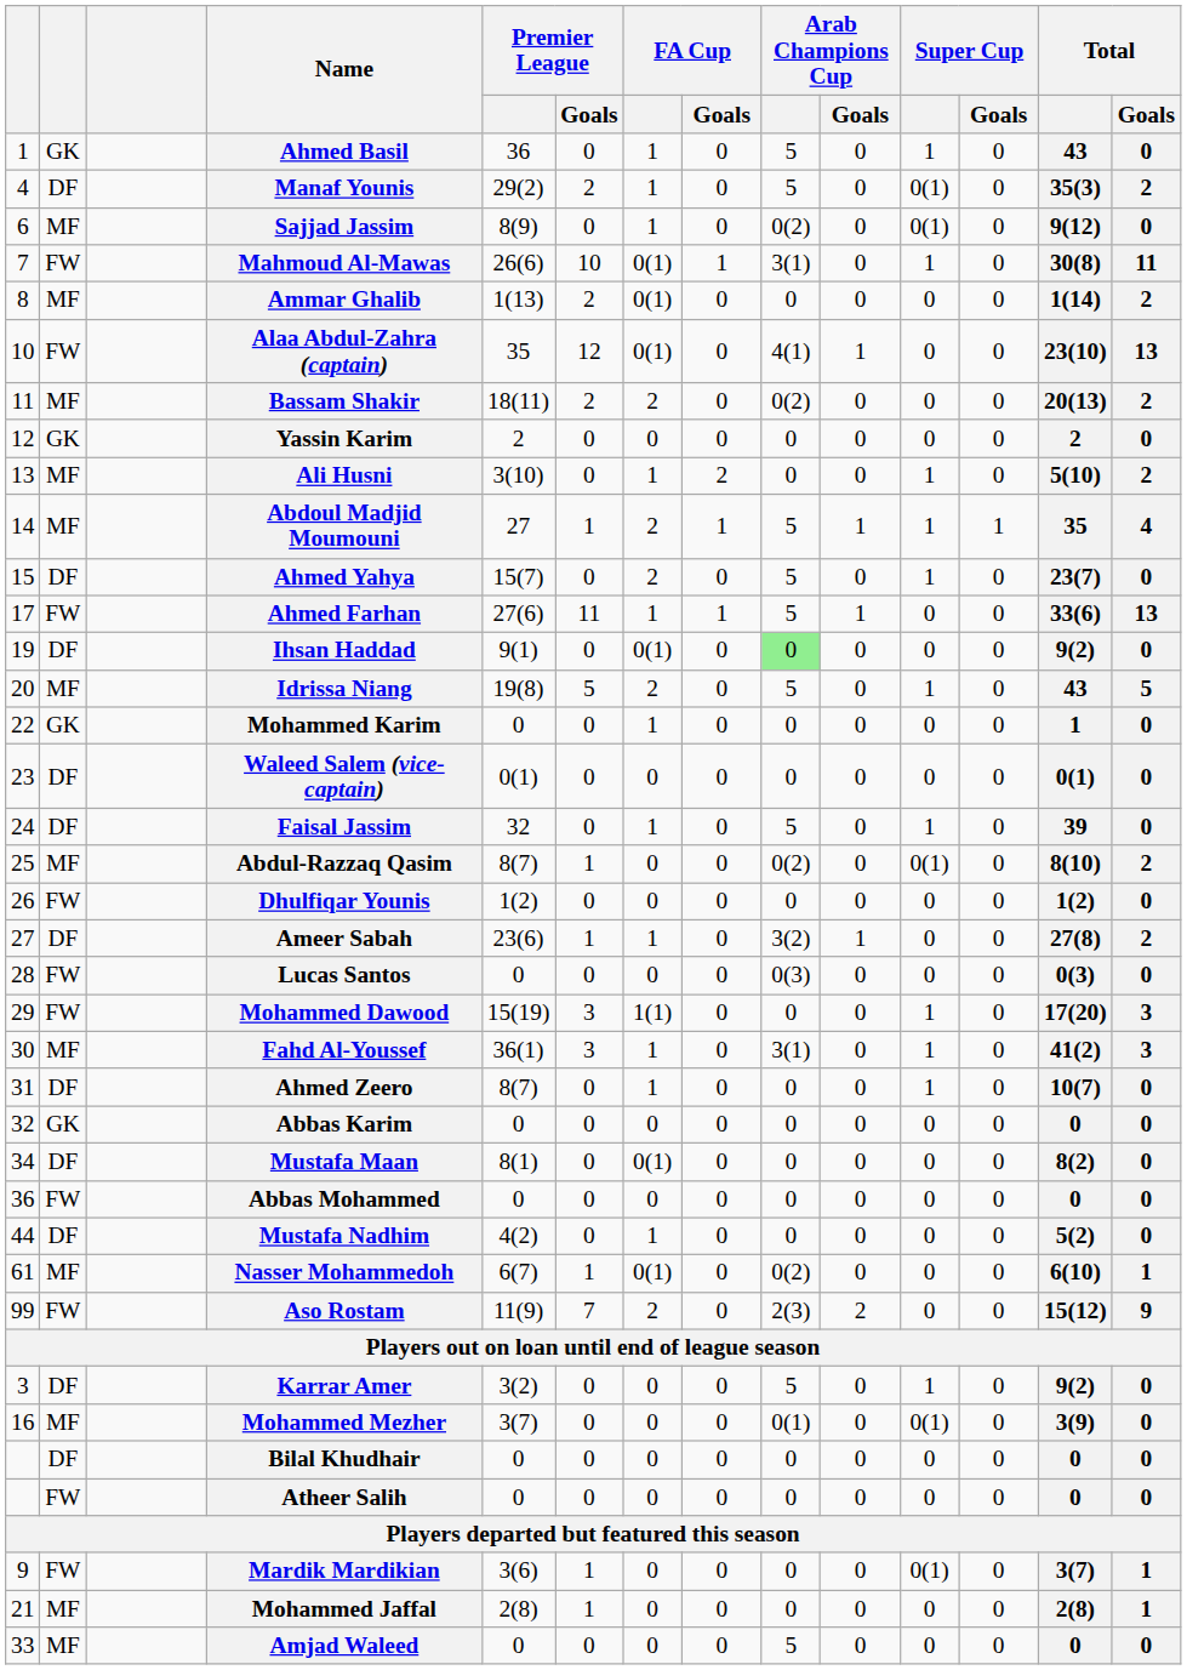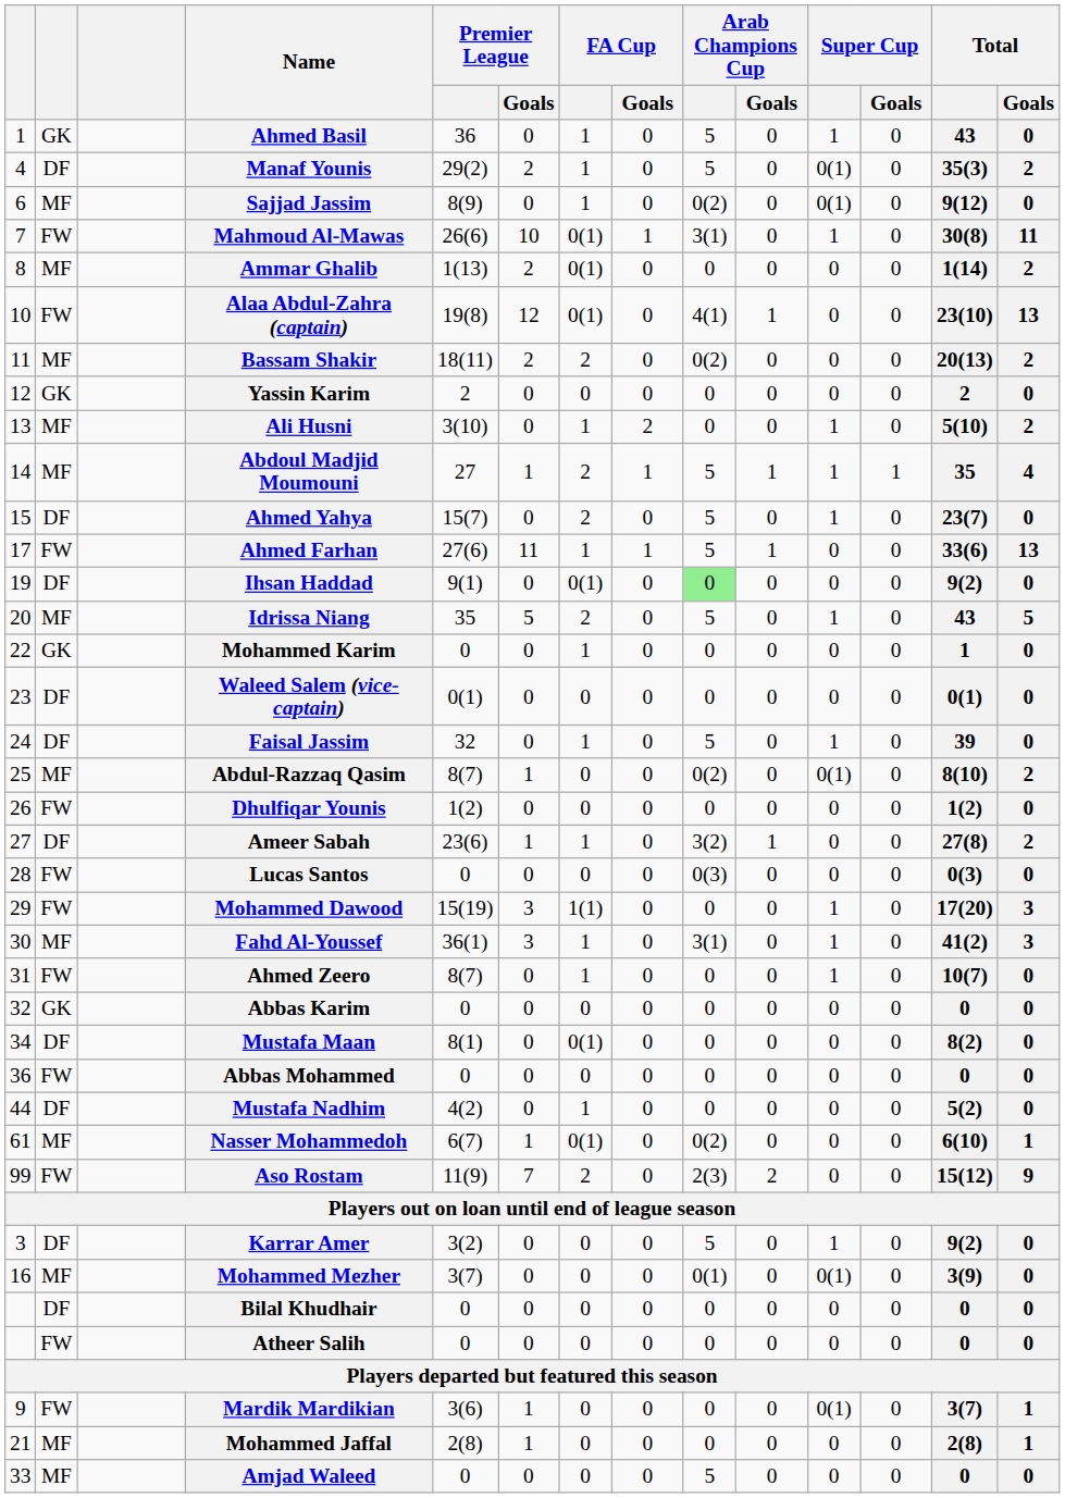 <table class="wikitable sortable plainrowheaders" style="text-align:center">
 <tr>
 <th rowspan="2"></th>
 <th rowspan="2"></th>
 <th rowspan="2" style="width:75px;"></th>
 <th rowspan="2" style="width:180px;">Name</th>
 <th colspan="2" style="width:87px;"><a href='#'>Premier League</a></th>
 <th colspan="2" style="width:87px;"><a href='#'>FA Cup</a></th>
 <th colspan="2" style="width:87px;"><a href='#'>Arab Champions Cup</a></th>
 <th colspan="2" style="width:87px;"><a href='#'>Super Cup</a></th>
 <th colspan="2" style="width:87px;">Total</th>
 </tr>
 <tr>
 <th></th>
 <th>Goals</th>
 <th></th>
 <th>Goals</th>
 <th></th>
 <th>Goals</th>
 <th></th>
 <th>Goals</th>
 <th></th>
 <th>Goals</th>
 </tr>
 <tr>
 <td>1</td>
 <td>GK</td>
 <td></td>
 <th scope="row"><a href='#'>Ahmed Basil</a><br></th>
 <td>36</td>
 <td>0<br></td>
 <td>1</td>
 <td>0<br></td>
 <td>5</td>
 <td>0<br></td>
 <td>1</td>
 <td>0<br></td>
 <th>43</th>
 <th>0</th>
 </tr>
 <tr>
 <td>4</td>
 <td>DF</td>
 <td></td>
 <th scope="row"><a href='#'>Manaf Younis</a><br></th>
 <td>29(2)</td>
 <td>2<br></td>
 <td>1</td>
 <td>0<br></td>
 <td>5</td>
 <td>0<br></td>
 <td>0(1)</td>
 <td>0<br></td>
 <th>35(3)</th>
 <th>2</th>
 </tr>
 <tr>
 <td>6</td>
 <td>MF</td>
 <td></td>
 <th scope="row"><a href='#'>Sajjad Jassim</a><br></th>
 <td>8(9)</td>
 <td>0<br></td>
 <td>1</td>
 <td>0<br></td>
 <td>0(2)</td>
 <td>0<br></td>
 <td>0(1)</td>
 <td>0<br></td>
 <th>9(12)</th>
 <th>0</th>
 </tr>
 <tr>
 <td>7</td>
 <td>FW</td>
 <td></td>
 <th scope="row"><a href='#'>Mahmoud Al-Mawas</a><br></th>
 <td>26(6)</td>
 <td>10<br></td>
 <td>0(1)</td>
 <td>1<br></td>
 <td>3(1)</td>
 <td>0<br></td>
 <td>1</td>
 <td>0<br></td>
 <th>30(8)</th>
 <th>11</th>
 </tr>
 <tr>
 <td>8</td>
 <td>MF</td>
 <td></td>
 <th scope="row"><a href='#'>Ammar Ghalib</a><br></th>
 <td>1(13)</td>
 <td>2<br></td>
 <td>0(1)</td>
 <td>0<br></td>
 <td>0</td>
 <td>0<br></td>
 <td>0</td>
 <td>0<br></td>
 <th>1(14)</th>
 <th>2</th>
 </tr>
 <tr>
 <td>10</td>
 <td>FW</td>
 <td></td>
 <th scope="row"><a href='#'>Alaa Abdul-Zahra</a> <em>(<a href='#'>captain</a>)</em><br></th>
-<td>35</td>
+<td>19(8)</td>
 <td>12<br></td>
 <td>0(1)</td>
 <td>0<br></td>
 <td>4(1)</td>
 <td>1<br></td>
 <td>0</td>
 <td>0<br></td>
 <th>23(10)</th>
 <th>13</th>
 </tr>
 <tr>
 <td>11</td>
 <td>MF</td>
 <td></td>
 <th scope="row"><a href='#'>Bassam Shakir</a><br></th>
 <td>18(11)</td>
 <td>2<br></td>
 <td>2</td>
 <td>0<br></td>
 <td>0(2)</td>
 <td>0<br></td>
 <td>0</td>
 <td>0<br></td>
 <th>20(13)</th>
 <th>2<br>     </th>
 </tr>
 <tr>
 <td>12</td>
 <td>GK</td>
 <td></td>
 <th scope="row">Yassin Karim<br></th>
 <td>2</td>
 <td>0<br></td>
 <td>0</td>
 <td>0<br></td>
 <td>0</td>
 <td>0<br></td>
 <td>0</td>
 <td>0<br></td>
 <th>2</th>
 <th>0</th>
 </tr>
 <tr>
 <td>13</td>
 <td>MF</td>
 <td></td>
 <th scope="row"><a href='#'>Ali Husni</a><br></th>
 <td>3(10)</td>
 <td>0<br></td>
 <td>1</td>
 <td>2<br></td>
 <td>0</td>
 <td>0<br></td>
 <td>1</td>
 <td>0<br></td>
 <th>5(10)</th>
 <th>2</th>
 </tr>
 <tr>
 <td>14</td>
 <td>MF</td>
 <td></td>
 <th scope="row"><a href='#'>Abdoul Madjid Moumouni</a><br></th>
 <td>27</td>
 <td>1<br></td>
 <td>2</td>
 <td>1<br></td>
 <td>5</td>
 <td>1<br></td>
 <td>1</td>
 <td>1<br></td>
 <th>35</th>
 <th>4</th>
 </tr>
 <tr>
 <td>15</td>
 <td>DF</td>
 <td></td>
 <th scope="row"><a href='#'>Ahmed Yahya</a><br></th>
 <td>15(7)</td>
 <td>0<br></td>
 <td>2</td>
 <td>0<br></td>
 <td>5</td>
 <td>0<br></td>
 <td>1</td>
 <td>0<br></td>
 <th>23(7)</th>
 <th>0</th>
 </tr>
 <tr>
 <td>17</td>
 <td>FW</td>
 <td></td>
 <th scope="row"><a href='#'>Ahmed Farhan</a><br></th>
 <td>27(6)</td>
 <td>11<br></td>
 <td>1</td>
 <td>1<br></td>
 <td>5</td>
 <td>1<br></td>
 <td>0</td>
 <td>0<br></td>
 <th>33(6)</th>
 <th>13</th>
 </tr>
 <tr>
 <td>19</td>
 <td>DF</td>
 <td></td>
 <th scope="row"><a href='#'>Ihsan Haddad</a><br></th>
 <td>9(1)</td>
 <td>0<br></td>
 <td>0(1)</td>
 <td>0<br></td>
 <td style="background: lightgreen;">0</td>
 <td>0<br></td>
 <td>0</td>
 <td>0<br></td>
 <th>9(2)</th>
 <th>0</th>
 </tr>
 <tr>
 <td>20</td>
 <td>MF</td>
 <td></td>
 <th scope="row"><a href='#'>Idrissa Niang</a><br></th>
-<td>19(8)</td>
+<td>35</td>
 <td>5<br></td>
 <td>2</td>
 <td>0<br></td>
 <td>5</td>
 <td>0<br></td>
 <td>1</td>
 <td>0<br></td>
 <th>43</th>
 <th>5</th>
 </tr>
 <tr>
 <td>22</td>
 <td>GK</td>
 <td></td>
 <th scope="row">Mohammed Karim<br></th>
 <td>0</td>
 <td>0<br></td>
 <td>1</td>
 <td>0<br></td>
 <td>0</td>
 <td>0<br></td>
 <td>0</td>
 <td>0<br></td>
 <th>1</th>
 <th>0</th>
 </tr>
 <tr>
 <td>23</td>
 <td>DF</td>
 <td></td>
 <th scope="row"><a href='#'>Waleed Salem</a> <em>(<a href='#'>vice-captain</a>)</em><br></th>
 <td>0(1)</td>
 <td>0<br></td>
 <td>0</td>
 <td>0<br></td>
 <td>0</td>
 <td>0<br></td>
 <td>0</td>
 <td>0<br></td>
 <th>0(1)</th>
 <th>0</th>
 </tr>
 <tr>
 <td>24</td>
 <td>DF</td>
 <td></td>
 <th scope="row"><a href='#'>Faisal Jassim</a><br></th>
 <td>32</td>
 <td>0<br></td>
 <td>1</td>
 <td>0<br></td>
 <td>5</td>
 <td>0<br></td>
 <td>1</td>
 <td>0<br></td>
 <th>39</th>
 <th>0</th>
 </tr>
 <tr>
 <td>25</td>
 <td>MF</td>
 <td></td>
 <th scope="row">Abdul-Razzaq Qasim<br></th>
 <td>8(7)</td>
 <td>1<br></td>
 <td>0</td>
 <td>0<br></td>
 <td>0(2)</td>
 <td>0<br></td>
 <td>0(1)</td>
 <td>0<br></td>
 <th>8(10)</th>
 <th>2</th>
 </tr>
 <tr>
 <td>26</td>
 <td>FW</td>
 <td></td>
 <th scope="row"><a href='#'>Dhulfiqar Younis</a><br></th>
 <td>1(2)</td>
 <td>0<br></td>
 <td>0</td>
 <td>0<br></td>
 <td>0</td>
 <td>0<br></td>
 <td>0</td>
 <td>0<br></td>
 <th>1(2)</th>
 <th>0</th>
 </tr>
 <tr>
 <td>27</td>
 <td>DF</td>
 <td></td>
 <th scope="row">Ameer Sabah<br></th>
 <td>23(6)</td>
 <td>1<br></td>
 <td>1</td>
 <td>0<br></td>
 <td>3(2)</td>
 <td>1<br></td>
 <td>0</td>
 <td>0<br></td>
 <th>27(8)</th>
 <th>2</th>
 </tr>
 <tr>
 <td>28</td>
 <td>FW</td>
 <td></td>
 <th scope="row">Lucas Santos<br></th>
 <td>0</td>
 <td>0<br></td>
 <td>0</td>
 <td>0<br></td>
 <td>0(3)</td>
 <td>0<br></td>
 <td>0</td>
 <td>0<br></td>
 <th>0(3)</th>
 <th>0</th>
 </tr>
 <tr>
 <td>29</td>
 <td>FW</td>
 <td></td>
 <th scope="row"><a href='#'>Mohammed Dawood</a><br></th>
 <td>15(19)</td>
 <td>3<br></td>
 <td>1(1)</td>
 <td>0<br></td>
 <td>0</td>
 <td>0<br></td>
 <td>1</td>
 <td>0<br></td>
 <th>17(20)</th>
 <th>3</th>
 </tr>
 <tr>
 <td>30</td>
 <td>MF</td>
 <td></td>
 <th scope="row"><a href='#'>Fahd Al-Youssef</a><br></th>
 <td>36(1)</td>
 <td>3<br></td>
 <td>1</td>
 <td>0<br></td>
 <td>3(1)</td>
 <td>0<br></td>
 <td>1</td>
 <td>0<br></td>
 <th>41(2)</th>
 <th>3</th>
 </tr>
 <tr>
 <td>31</td>
-<td>DF</td>
+<td>FW</td>
 <td></td>
 <th scope="row">Ahmed Zeero<br></th>
 <td>8(7)</td>
 <td>0<br></td>
 <td>1</td>
 <td>0<br></td>
 <td>0</td>
 <td>0<br></td>
 <td>1</td>
 <td>0<br></td>
 <th>10(7)</th>
 <th>0</th>
 </tr>
 <tr>
 <td>32</td>
 <td>GK</td>
 <td></td>
 <th scope="row">Abbas Karim<br></th>
 <td>0</td>
 <td>0<br></td>
 <td>0</td>
 <td>0<br></td>
 <td>0</td>
 <td>0<br></td>
 <td>0</td>
 <td>0<br></td>
 <th>0</th>
 <th>0</th>
 </tr>
 <tr>
 <td>34</td>
 <td>DF</td>
 <td></td>
 <th scope="row"><a href='#'>Mustafa Maan</a><br></th>
 <td>8(1)</td>
 <td>0<br></td>
 <td>0(1)</td>
 <td>0<br></td>
 <td>0</td>
 <td>0<br></td>
 <td>0</td>
 <td>0<br></td>
 <th>8(2)</th>
 <th>0</th>
 </tr>
 <tr>
 <td>36</td>
 <td>FW</td>
 <td></td>
 <th scope="row">Abbas Mohammed<br></th>
 <td>0</td>
 <td>0<br></td>
 <td>0</td>
 <td>0<br></td>
 <td>0</td>
 <td>0<br></td>
 <td>0</td>
 <td>0<br></td>
 <th>0</th>
 <th>0</th>
 </tr>
 <tr>
 <td>44</td>
 <td>DF</td>
 <td></td>
 <th scope="row"><a href='#'>Mustafa Nadhim</a><br></th>
 <td>4(2)</td>
 <td>0<br></td>
 <td>1</td>
 <td>0<br></td>
 <td>0</td>
 <td>0<br></td>
 <td>0</td>
 <td>0<br></td>
 <th>5(2)</th>
 <th>0</th>
 </tr>
 <tr>
 <td>61</td>
 <td>MF</td>
 <td></td>
 <th scope="row"><a href='#'>Nasser Mohammedoh</a><br></th>
 <td>6(7)</td>
 <td>1<br></td>
 <td>0(1)</td>
 <td>0<br></td>
 <td>0(2)</td>
 <td>0<br></td>
 <td>0</td>
 <td>0<br></td>
 <th>6(10)</th>
 <th>1</th>
 </tr>
 <tr>
 <td>99</td>
 <td>FW</td>
 <td></td>
 <th scope="row"><a href='#'>Aso Rostam</a><br></th>
 <td>11(9)</td>
 <td>7<br></td>
 <td>2</td>
 <td>0<br></td>
 <td>2(3)</td>
 <td>2<br></td>
 <td>0</td>
 <td>0<br></td>
 <th>15(12)</th>
 <th>9</th>
 </tr>
 <tr>
 <th colspan="14">Players out on loan until end of league season</th>
 </tr>
 <tr>
 <td>3</td>
 <td>DF</td>
 <td></td>
 <th scope="row"><a href='#'>Karrar Amer</a><br></th>
 <td>3(2)</td>
 <td>0<br></td>
 <td>0</td>
 <td>0<br></td>
 <td>5</td>
 <td>0<br></td>
 <td>1</td>
 <td>0<br></td>
 <th>9(2)</th>
 <th>0</th>
 </tr>
 <tr>
 <td>16</td>
 <td>MF</td>
 <td></td>
 <th scope="row"><a href='#'>Mohammed Mezher</a><br></th>
 <td>3(7)</td>
 <td>0<br></td>
 <td>0</td>
 <td>0<br></td>
 <td>0(1)</td>
 <td>0<br></td>
 <td>0(1)</td>
 <td>0<br></td>
 <th>3(9)</th>
 <th>0</th>
 </tr>
 <tr>
 <td></td>
 <td>DF</td>
 <td></td>
 <th scope="row">Bilal Khudhair<br></th>
 <td>0</td>
 <td>0<br></td>
 <td>0</td>
 <td>0<br></td>
 <td>0</td>
 <td>0<br></td>
 <td>0</td>
 <td>0<br></td>
 <th>0</th>
 <th>0</th>
 </tr>
 <tr>
 <td></td>
 <td>FW</td>
 <td></td>
 <th scope="row">Atheer Salih<br></th>
 <td>0</td>
 <td>0<br></td>
 <td>0</td>
 <td>0<br></td>
 <td>0</td>
 <td>0<br></td>
 <td>0</td>
 <td>0<br></td>
 <th>0</th>
 <th>0</th>
 </tr>
 <tr>
 <th colspan="14">Players departed but featured this season</th>
 </tr>
 <tr>
 <td>9</td>
 <td>FW</td>
 <td></td>
 <th scope="row"><a href='#'>Mardik Mardikian</a><br></th>
 <td>3(6)</td>
 <td>1<br></td>
 <td>0</td>
 <td>0<br></td>
 <td>0</td>
 <td>0<br></td>
 <td>0(1)</td>
 <td>0<br></td>
 <th>3(7)</th>
 <th>1</th>
 </tr>
 <tr>
 <td>21</td>
 <td>MF</td>
 <td></td>
 <th scope="row">Mohammed Jaffal<br></th>
 <td>2(8)</td>
 <td>1<br></td>
 <td>0</td>
 <td>0<br></td>
 <td>0</td>
 <td>0<br></td>
 <td>0</td>
 <td>0<br></td>
 <th>2(8)</th>
 <th>1</th>
 </tr>
 <tr>
 <td>33</td>
 <td>MF</td>
 <td></td>
 <th scope="row"><a href='#'>Amjad Waleed</a><br></th>
 <td>0</td>
 <td>0<br></td>
 <td>0</td>
 <td>0<br></td>
 <td>5</td>
 <td>0<br></td>
 <td>0</td>
 <td>0<br></td>
 <th>0</th>
 <th>0</th>
 </tr>
 </table>
